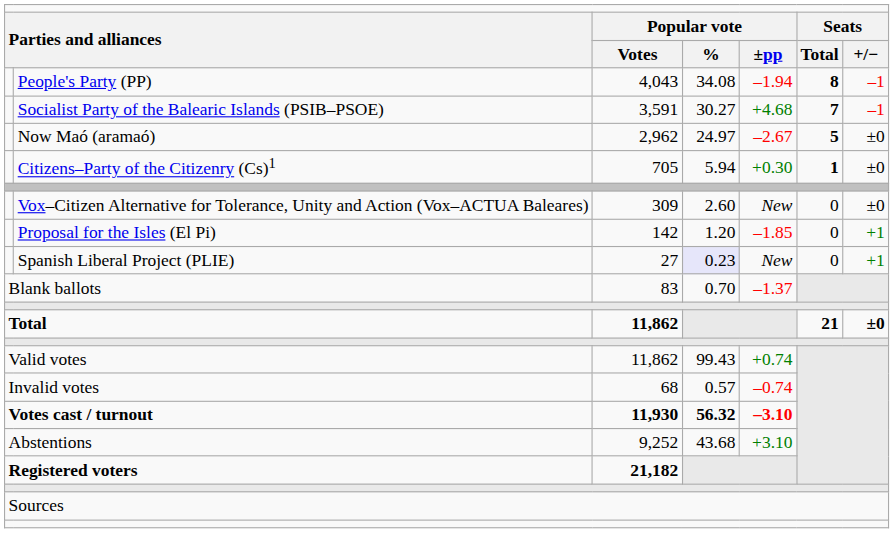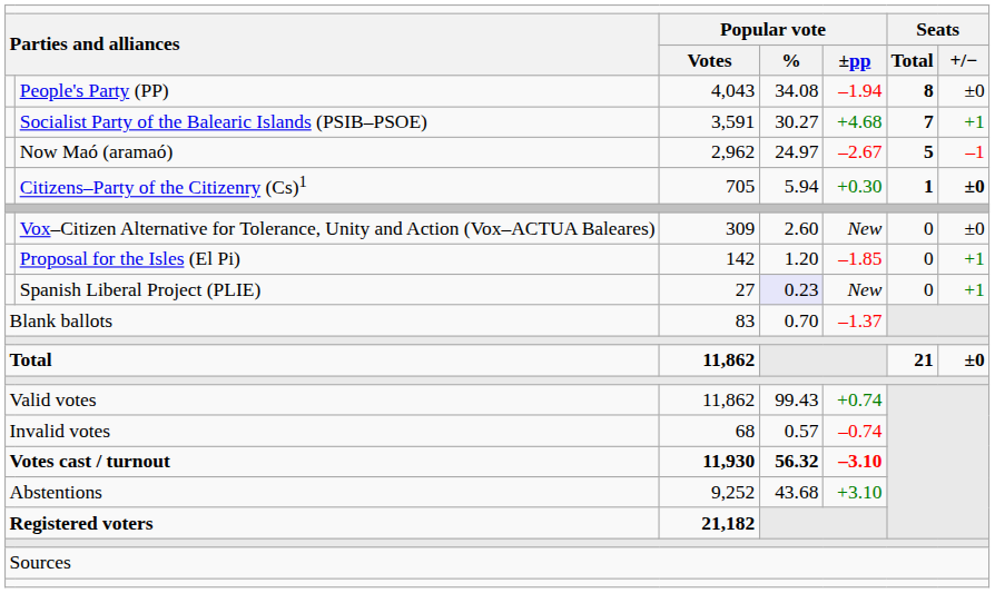 <table class="wikitable" style="text-align:right;">
 <tr>
 <td colspan="7"></td>
 </tr>
 <tr>
 <th style="text-align:left;" rowspan="2" colspan="2" width="525">Parties and alliances</th>
 <th colspan="3">Popular vote</th>
 <th colspan="2">Seats</th>
 </tr>
 <tr>
 <th width="75">Votes</th>
 <th width="45">%</th>
 <th width="45">±<a href='#'>pp</a></th>
 <th width="35">Total</th>
 <th width="35">+/−</th>
 </tr>
 <tr>
 <td width="1" style="color:inherit;background:"></td>
 <td align="left"><a href='#'>People's Party</a> (PP)</td>
 <td>4,043</td>
 <td>34.08</td>
 <td style="color:red;">–1.94</td>
 <td><strong>8</strong></td>
-<td style="color:red;">–1</td>
+<td>±0</td>
 </tr>
 <tr>
 <td style="color:inherit;background:"></td>
 <td align="left"><a href='#'>Socialist Party of the Balearic Islands</a> (PSIB–PSOE)</td>
 <td>3,591</td>
 <td>30.27</td>
 <td style="color:green;">+4.68</td>
 <td><strong>7</strong></td>
-<td style="color:red;">–1</td>
+<td style="color:green;">+1</td>
 </tr>
 <tr>
 <td style="color:inherit;background:"></td>
 <td align="left">Now Maó (aramaó)</td>
 <td>2,962</td>
 <td>24.97</td>
 <td style="color:red;">–2.67</td>
 <td><strong>5</strong></td>
-<td>±0</td>
+<td style="color:red;">–1</td>
 </tr>
 <tr>
 <td style="color:inherit;background:"></td>
 <td align="left"><a href='#'>Citizens–Party of the Citizenry</a> (Cs)<sup>1</sup></td>
 <td>705</td>
 <td>5.94</td>
 <td style="color:green;">+0.30</td>
 <td><strong>1</strong></td>
-<td>±0</td>
+<td><strong>±0</strong></td>
 </tr>
 <tr>
 <td colspan="7" bgcolor="#C0C0C0"></td>
 </tr>
 <tr>
 <td style="color:inherit;background:"></td>
 <td align="left"><a href='#'>Vox</a>–Citizen Alternative for Tolerance, Unity and Action (Vox–ACTUA Baleares)</td>
 <td>309</td>
 <td>2.60</td>
 <td><em>New</em></td>
 <td>0</td>
 <td>±0</td>
 </tr>
 <tr>
 <td style="color:inherit;background:"></td>
 <td align="left"><a href='#'>Proposal for the Isles</a> (El Pi)</td>
 <td>142</td>
 <td>1.20</td>
 <td style="color:red;">–1.85</td>
 <td>0</td>
 <td style="color:green;">+1</td>
 </tr>
 <tr>
 <td style="color:inherit;background:"></td>
 <td align="left">Spanish Liberal Project (PLIE)</td>
 <td>27</td>
 <td style="background: lavender;">0.23</td>
 <td><em>New</em></td>
 <td>0</td>
 <td style="color:green;">+1</td>
 </tr>
 <tr>
 <td align="left" colspan="2">Blank ballots</td>
 <td>83</td>
 <td>0.70</td>
 <td style="color:red;">–1.37</td>
 <td bgcolor="#E9E9E9" colspan="2"></td>
 </tr>
 <tr>
 <td colspan="7" bgcolor="#E9E9E9"></td>
 </tr>
 <tr style="font-weight:bold;">
 <td align="left" colspan="2">Total</td>
 <td>11,862</td>
 <td bgcolor="#E9E9E9" colspan="2"></td>
 <td>21</td>
 <td>±0</td>
 </tr>
 <tr>
 <td colspan="7" bgcolor="#E9E9E9"></td>
 </tr>
 <tr>
 <td align="left" colspan="2">Valid votes</td>
 <td>11,862</td>
 <td>99.43</td>
 <td style="color:green;">+0.74</td>
 <td bgcolor="#E9E9E9" colspan="2" rowspan="5"></td>
 </tr>
 <tr>
 <td align="left" colspan="2">Invalid votes</td>
 <td>68</td>
 <td>0.57</td>
 <td style="color:red;">–0.74</td>
 </tr>
 <tr style="font-weight:bold;">
 <td align="left" colspan="2">Votes cast / turnout</td>
 <td>11,930</td>
 <td>56.32</td>
 <td style="color:red;">–3.10</td>
 </tr>
 <tr>
 <td align="left" colspan="2">Abstentions</td>
 <td>9,252</td>
 <td>43.68</td>
 <td style="color:green;">+3.10</td>
 </tr>
 <tr style="font-weight:bold;">
 <td align="left" colspan="2">Registered voters</td>
 <td>21,182</td>
 <td bgcolor="#E9E9E9" colspan="2"></td>
 </tr>
 <tr>
 <td colspan="7" bgcolor="#E9E9E9"></td>
 </tr>
 <tr>
 <td align="left" colspan="7">Sources</td>
 </tr>
 <tr>
 <td colspan="7" style="text-align:left; max-width:790px;"></td>
 </tr>
 </table>
